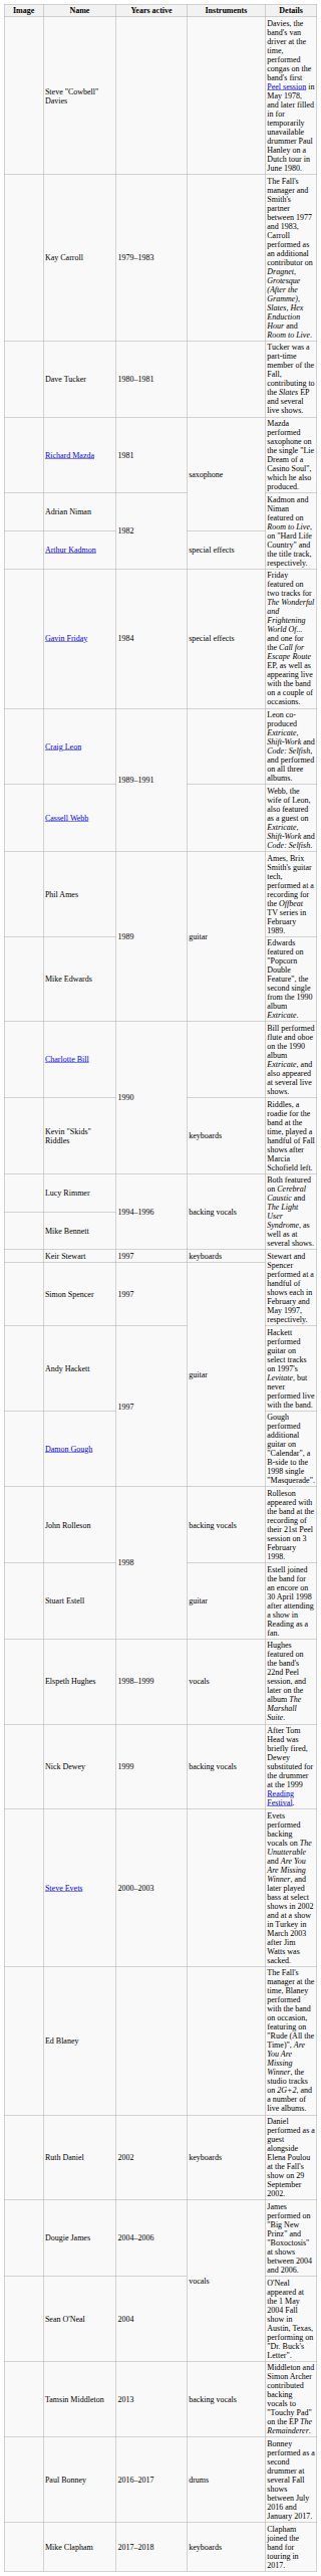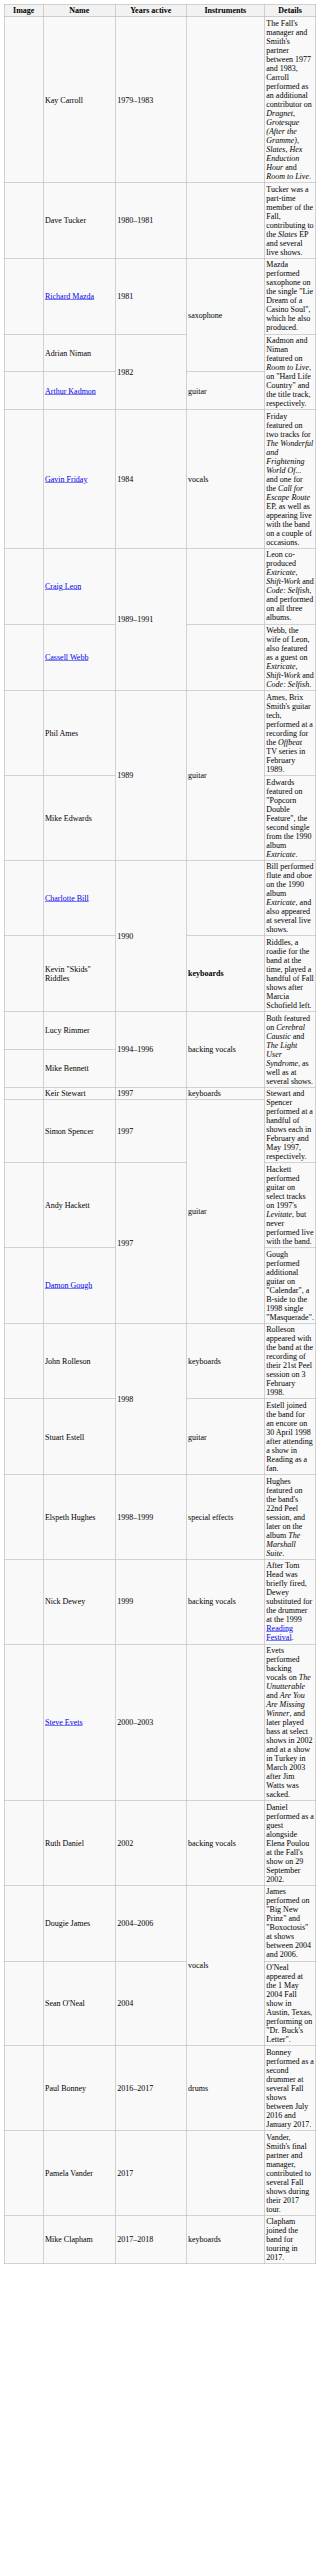 <table class="wikitable" border="1" width=100%>
 <tr>
 <th width="75">Image</th>
 <th width="150">Name</th>
 <th width="150">Years active</th>
 <th width="160">Instruments</th>
 <th>Details</th>
-</tr>
-<tr>
-<td></td>
-<td>Steve "Cowbell" Davies</td>
-<td></td>
-<td></td>
-<td>Davies, the band's van driver at the time, performed congas on the band's first <a href='#'>Peel session</a> in May 1978, and later filled in for temporarily unavailable drummer Paul Hanley on a Dutch tour in June 1980.</td>
 </tr>
 <tr>
 <td></td>
 <td>Kay Carroll</td>
 <td>1979–1983</td>
 <td></td>
 <td>The Fall's manager and Smith's partner between 1977 and 1983, Carroll performed as an additional contributor on <em>Dragnet</em>, <em>Grotesque (After the Gramme)</em>, <em>Slates</em>, <em>Hex Enduction Hour</em> and <em>Room to Live</em>.</td>
 </tr>
 <tr>
 <td></td>
 <td>Dave Tucker</td>
 <td>1980–1981</td>
 <td></td>
 <td>Tucker was a part-time member of the Fall, contributing to the <em>Slates</em> EP and several live shows.</td>
 </tr>
 <tr>
 <td></td>
 <td><a href='#'>Richard Mazda</a></td>
 <td>1981</td>
 <td Rowspan="2">saxophone</td>
 <td>Mazda performed saxophone on the single "Lie Dream of a Casino Soul", which he also produced.</td>
 </tr>
 <tr>
 <td></td>
 <td>Adrian Niman</td>
 <td rowspan="2">1982</td>
 <td Rowspan="2">Kadmon and Niman featured on <em>Room to Live</em>, on "Hard Life Country" and the title track, respectively.</td>
 </tr>
 <tr>
 <td></td>
 <td><a href='#'>Arthur Kadmon</a></td>
-<td>special effects</td>
+<td>guitar</td>
 </tr>
 <tr>
 <td></td>
 <td><a href='#'>Gavin Friday</a><br></td>
 <td>1984</td>
-<td>special effects</td>
+<td>vocals</td>
 <td>Friday featured on two tracks for <em>The Wonderful and Frightening World Of...</em> and one for the <em>Call for Escape Route</em> EP, as well as appearing live with the band on a couple of occasions.</td>
 </tr>
 <tr>
 <td></td>
 <td><a href='#'>Craig Leon</a></td>
 <td rowspan="2">1989–1991</td>
 <td></td>
 <td>Leon co-produced <em>Extricate</em>, <em>Shift-Work</em> and <em>Code: Selfish</em>, and performed on all three albums.</td>
 </tr>
 <tr>
 <td></td>
 <td><a href='#'>Cassell Webb</a></td>
 <td></td>
 <td>Webb, the wife of Leon, also featured as a guest on <em>Extricate</em>, <em>Shift-Work</em> and <em>Code: Selfish</em>.</td>
 </tr>
 <tr>
 <td></td>
 <td>Phil Ames</td>
 <td rowspan="2">1989</td>
 <td rowspan="2">guitar</td>
 <td>Ames, Brix Smith's guitar tech, performed at a recording for the <em>Offbeat</em> TV series in February 1989.</td>
 </tr>
 <tr>
 <td></td>
 <td>Mike Edwards</td>
 <td>Edwards featured on "Popcorn Double Feature", the second single from the 1990 album <em>Extricate</em>.</td>
 </tr>
 <tr>
 <td></td>
 <td><a href='#'>Charlotte Bill</a></td>
 <td rowspan="2">1990</td>
 <td></td>
 <td>Bill performed flute and oboe on the 1990 album <em>Extricate</em>, and also appeared at several live shows.</td>
 </tr>
 <tr>
 <td></td>
 <td>Kevin "Skids" Riddles</td>
-<td>keyboards</td>
+<td><strong>keyboards</strong></td>
 <td>Riddles, a roadie for the band at the time, played a handful of Fall shows after Marcia Schofield left.</td>
 </tr>
 <tr>
 <td></td>
 <td>Lucy Rimmer</td>
 <td rowspan="2">1994–1996</td>
 <td rowspan="2">backing vocals</td>
 <td rowspan="2">Both featured on <em>Cerebral Caustic</em> and <em>The Light User Syndrome</em>, as well as at several shows.</td>
 </tr>
 <tr>
 <td></td>
 <td>Mike Bennett</td>
 </tr>
 <tr>
 <td></td>
 <td>Keir Stewart</td>
 <td>1997</td>
 <td>keyboards</td>
 <td rowspan="2">Stewart and Spencer performed at a handful of shows each in February and May 1997, respectively.</td>
 </tr>
 <tr>
 <td></td>
 <td>Simon Spencer</td>
 <td>1997 </td>
 <td rowspan="3">guitar</td>
 </tr>
 <tr>
 <td></td>
 <td>Andy Hackett</td>
 <td rowspan="2">1997</td>
 <td>Hackett performed guitar on select tracks on 1997's <em>Levitate</em>, but never performed live with the band.</td>
 </tr>
 <tr>
 <td></td>
 <td><a href='#'>Damon Gough</a></td>
 <td>Gough performed additional guitar on "Calendar", a B-side to the 1998 single "Masquerade".</td>
 </tr>
 <tr>
 <td></td>
 <td>John Rolleson</td>
 <td rowspan="2">1998</td>
-<td>backing vocals</td>
+<td>keyboards</td>
 <td>Rolleson appeared with the band at the recording of their 21st Peel session on 3 February 1998.</td>
 </tr>
 <tr>
 <td></td>
 <td>Stuart Estell</td>
 <td>guitar</td>
 <td>Estell joined the band for an encore on 30 April 1998 after attending a show in Reading as a fan.</td>
 </tr>
 <tr>
 <td></td>
 <td>Elspeth Hughes</td>
 <td>1998–1999</td>
-<td>vocals</td>
+<td>special effects</td>
 <td>Hughes featured on the band's 22nd Peel session, and later on the album <em>The Marshall Suite</em>.</td>
 </tr>
 <tr>
 <td></td>
 <td>Nick Dewey</td>
 <td>1999</td>
 <td>backing vocals</td>
 <td>After Tom Head was briefly fired, Dewey substituted for the drummer at the 1999 <a href='#'>Reading Festival</a>.</td>
 </tr>
 <tr>
 <td></td>
 <td><a href='#'>Steve Evets</a></td>
 <td>2000–2003</td>
 <td></td>
 <td>Evets performed backing vocals on <em>The Unutterable</em> and <em>Are You Are Missing Winner</em>, and later played bass at select shows in 2002 and at a show in Turkey in March 2003 after Jim Watts was sacked.</td>
 </tr>
 <tr>
 <td></td>
-<td>Ed Blaney</td>
-<td></td>
-<td></td>
-<td>The Fall's manager at the time, Blaney performed with the band on occasion, featuring on "Rude (All the Time)", <em>Are You Are Missing Winner</em>, the studio tracks on <em>2G+2</em>, and a number of live albums.</td>
-</tr>
-<tr>
-<td></td>
 <td>Ruth Daniel</td>
 <td>2002</td>
-<td>keyboards</td>
+<td>backing vocals</td>
 <td>Daniel performed as a guest alongside Elena Poulou at the Fall's show on 29 September 2002.</td>
 </tr>
 <tr>
 <td></td>
 <td>Dougie James</td>
 <td>2004–2006</td>
 <td rowspan="2">vocals</td>
 <td>James performed on "Big New Prinz" and "Boxoctosis" at shows between 2004 and 2006.</td>
 </tr>
 <tr>
 <td></td>
 <td>Sean O'Neal</td>
 <td>2004</td>
 <td>O'Neal appeared at the 1 May 2004 Fall show in Austin, Texas, performing on "Dr. Buck's Letter".</td>
 </tr>
 <tr>
 <td></td>
-<td>Tamsin Middleton</td>
-<td>2013</td>
-<td>backing vocals</td>
-<td>Middleton and Simon Archer contributed backing vocals to "Touchy Pad" on the EP <em>The Remainderer</em>.</td>
-</tr>
-<tr>
-<td></td>
 <td>Paul Bonney</td>
 <td>2016–2017</td>
 <td>drums</td>
 <td>Bonney performed as a second drummer at several Fall shows between July 2016 and January 2017.</td>
+</tr>
+<tr>
+<td></td>
+<td>Pamela Vander</td>
+<td>2017</td>
+<td></td>
+<td>Vander, Smith's final partner and manager, contributed to several Fall shows during their 2017 tour.</td>
 </tr>
 <tr>
 <td></td>
 <td>Mike Clapham</td>
 <td>2017–2018</td>
 <td>keyboards</td>
 <td>Clapham joined the band for touring in 2017.</td>
 </tr>
 </table>
